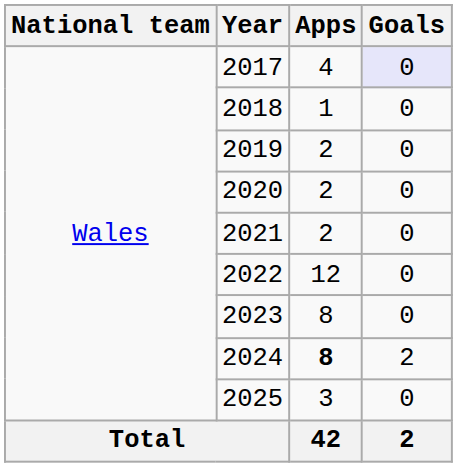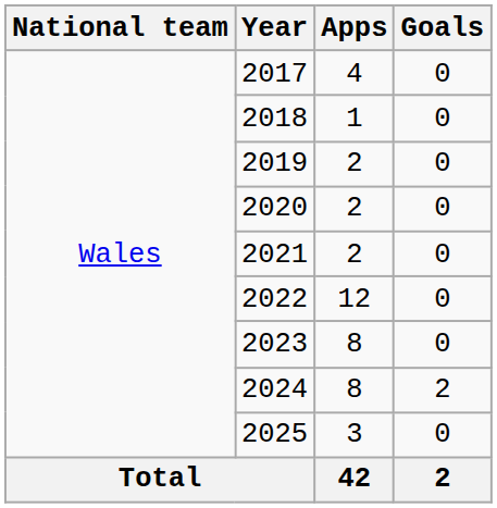 <table class="wikitable" style="text-align:center">
 <tr>
 <th>National team</th>
 <th>Year</th>
 <th>Apps</th>
 <th>Goals</th>
 </tr>
 <tr>
 <td rowspan="9"><a href='#'>Wales</a></td>
 <td>2017</td>
 <td>4</td>
-<td style="background: lavender;">0</td>
+<td>0</td>
 </tr>
 <tr>
 <td>2018</td>
 <td>1</td>
 <td>0</td>
 </tr>
 <tr>
 <td>2019</td>
 <td>2</td>
 <td>0</td>
 </tr>
 <tr>
 <td>2020</td>
 <td>2</td>
 <td>0</td>
 </tr>
 <tr>
 <td>2021</td>
 <td>2</td>
 <td>0</td>
 </tr>
 <tr>
 <td>2022</td>
 <td>12</td>
 <td>0</td>
 </tr>
 <tr>
 <td>2023</td>
 <td>8</td>
 <td>0</td>
 </tr>
 <tr>
 <td>2024</td>
-<td><strong>8</strong></td>
+<td>8</td>
 <td>2</td>
 </tr>
 <tr>
 <td>2025</td>
 <td>3</td>
 <td>0</td>
 </tr>
 <tr>
 <th colspan="2">Total</th>
 <th>42</th>
 <th>2</th>
 </tr>
 </table>
